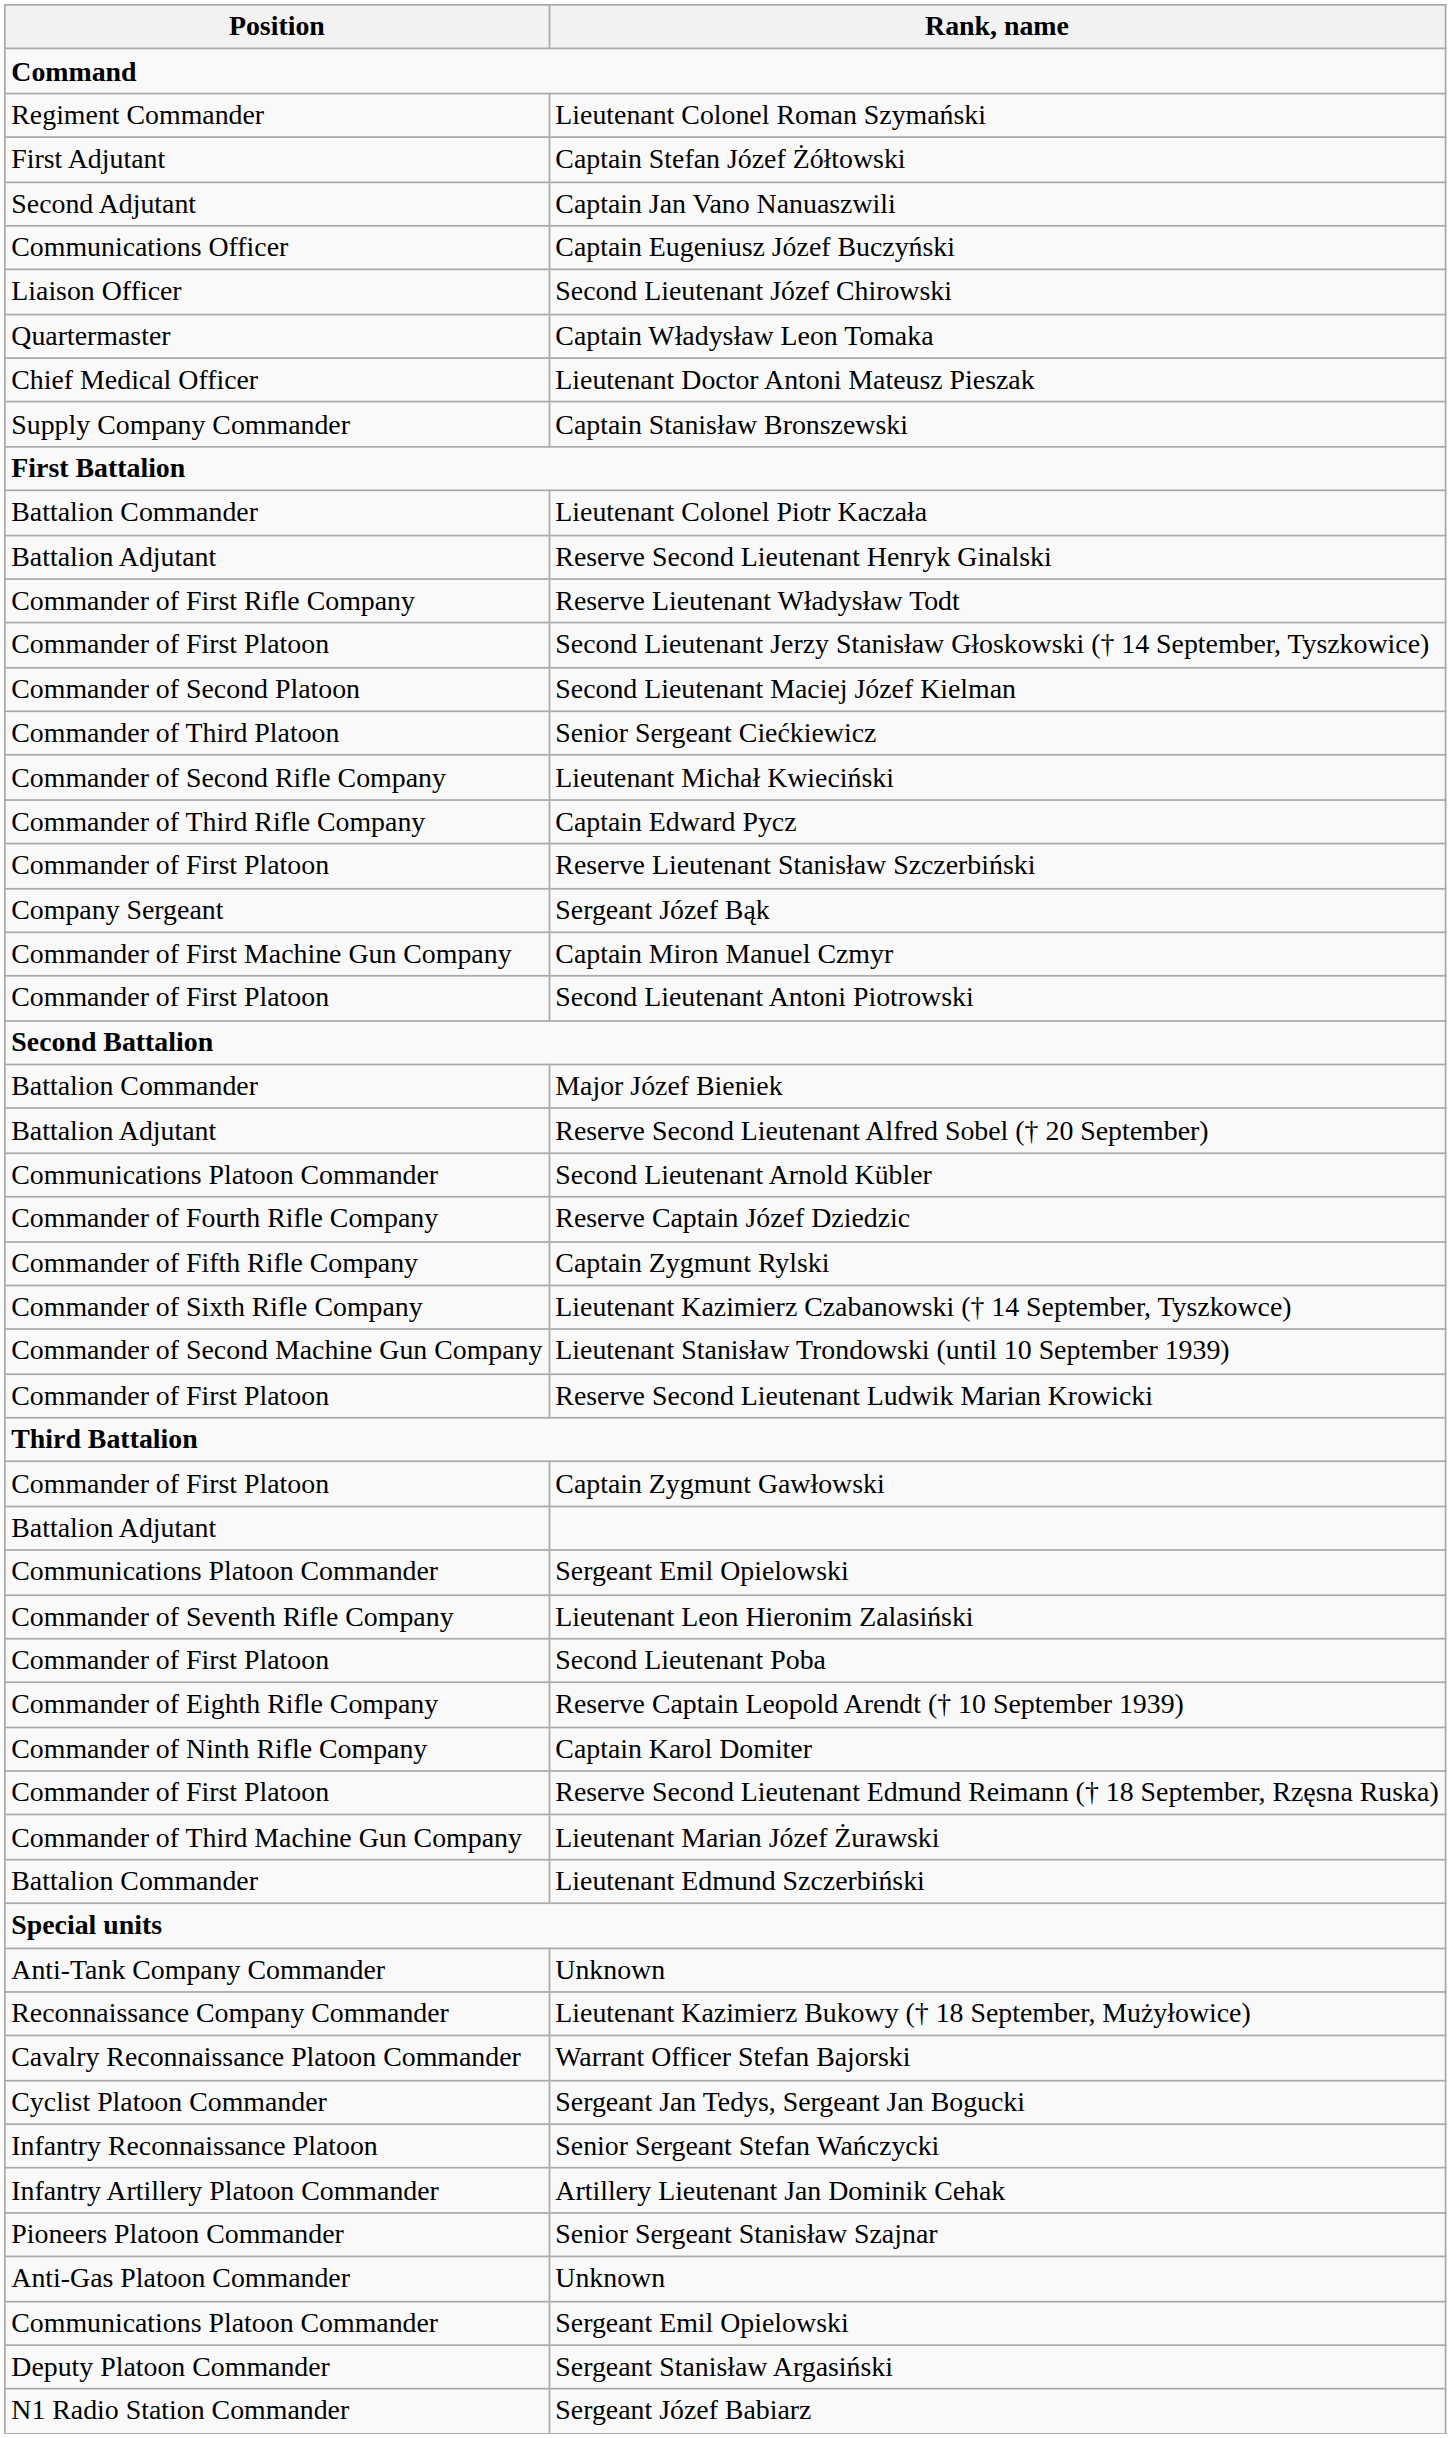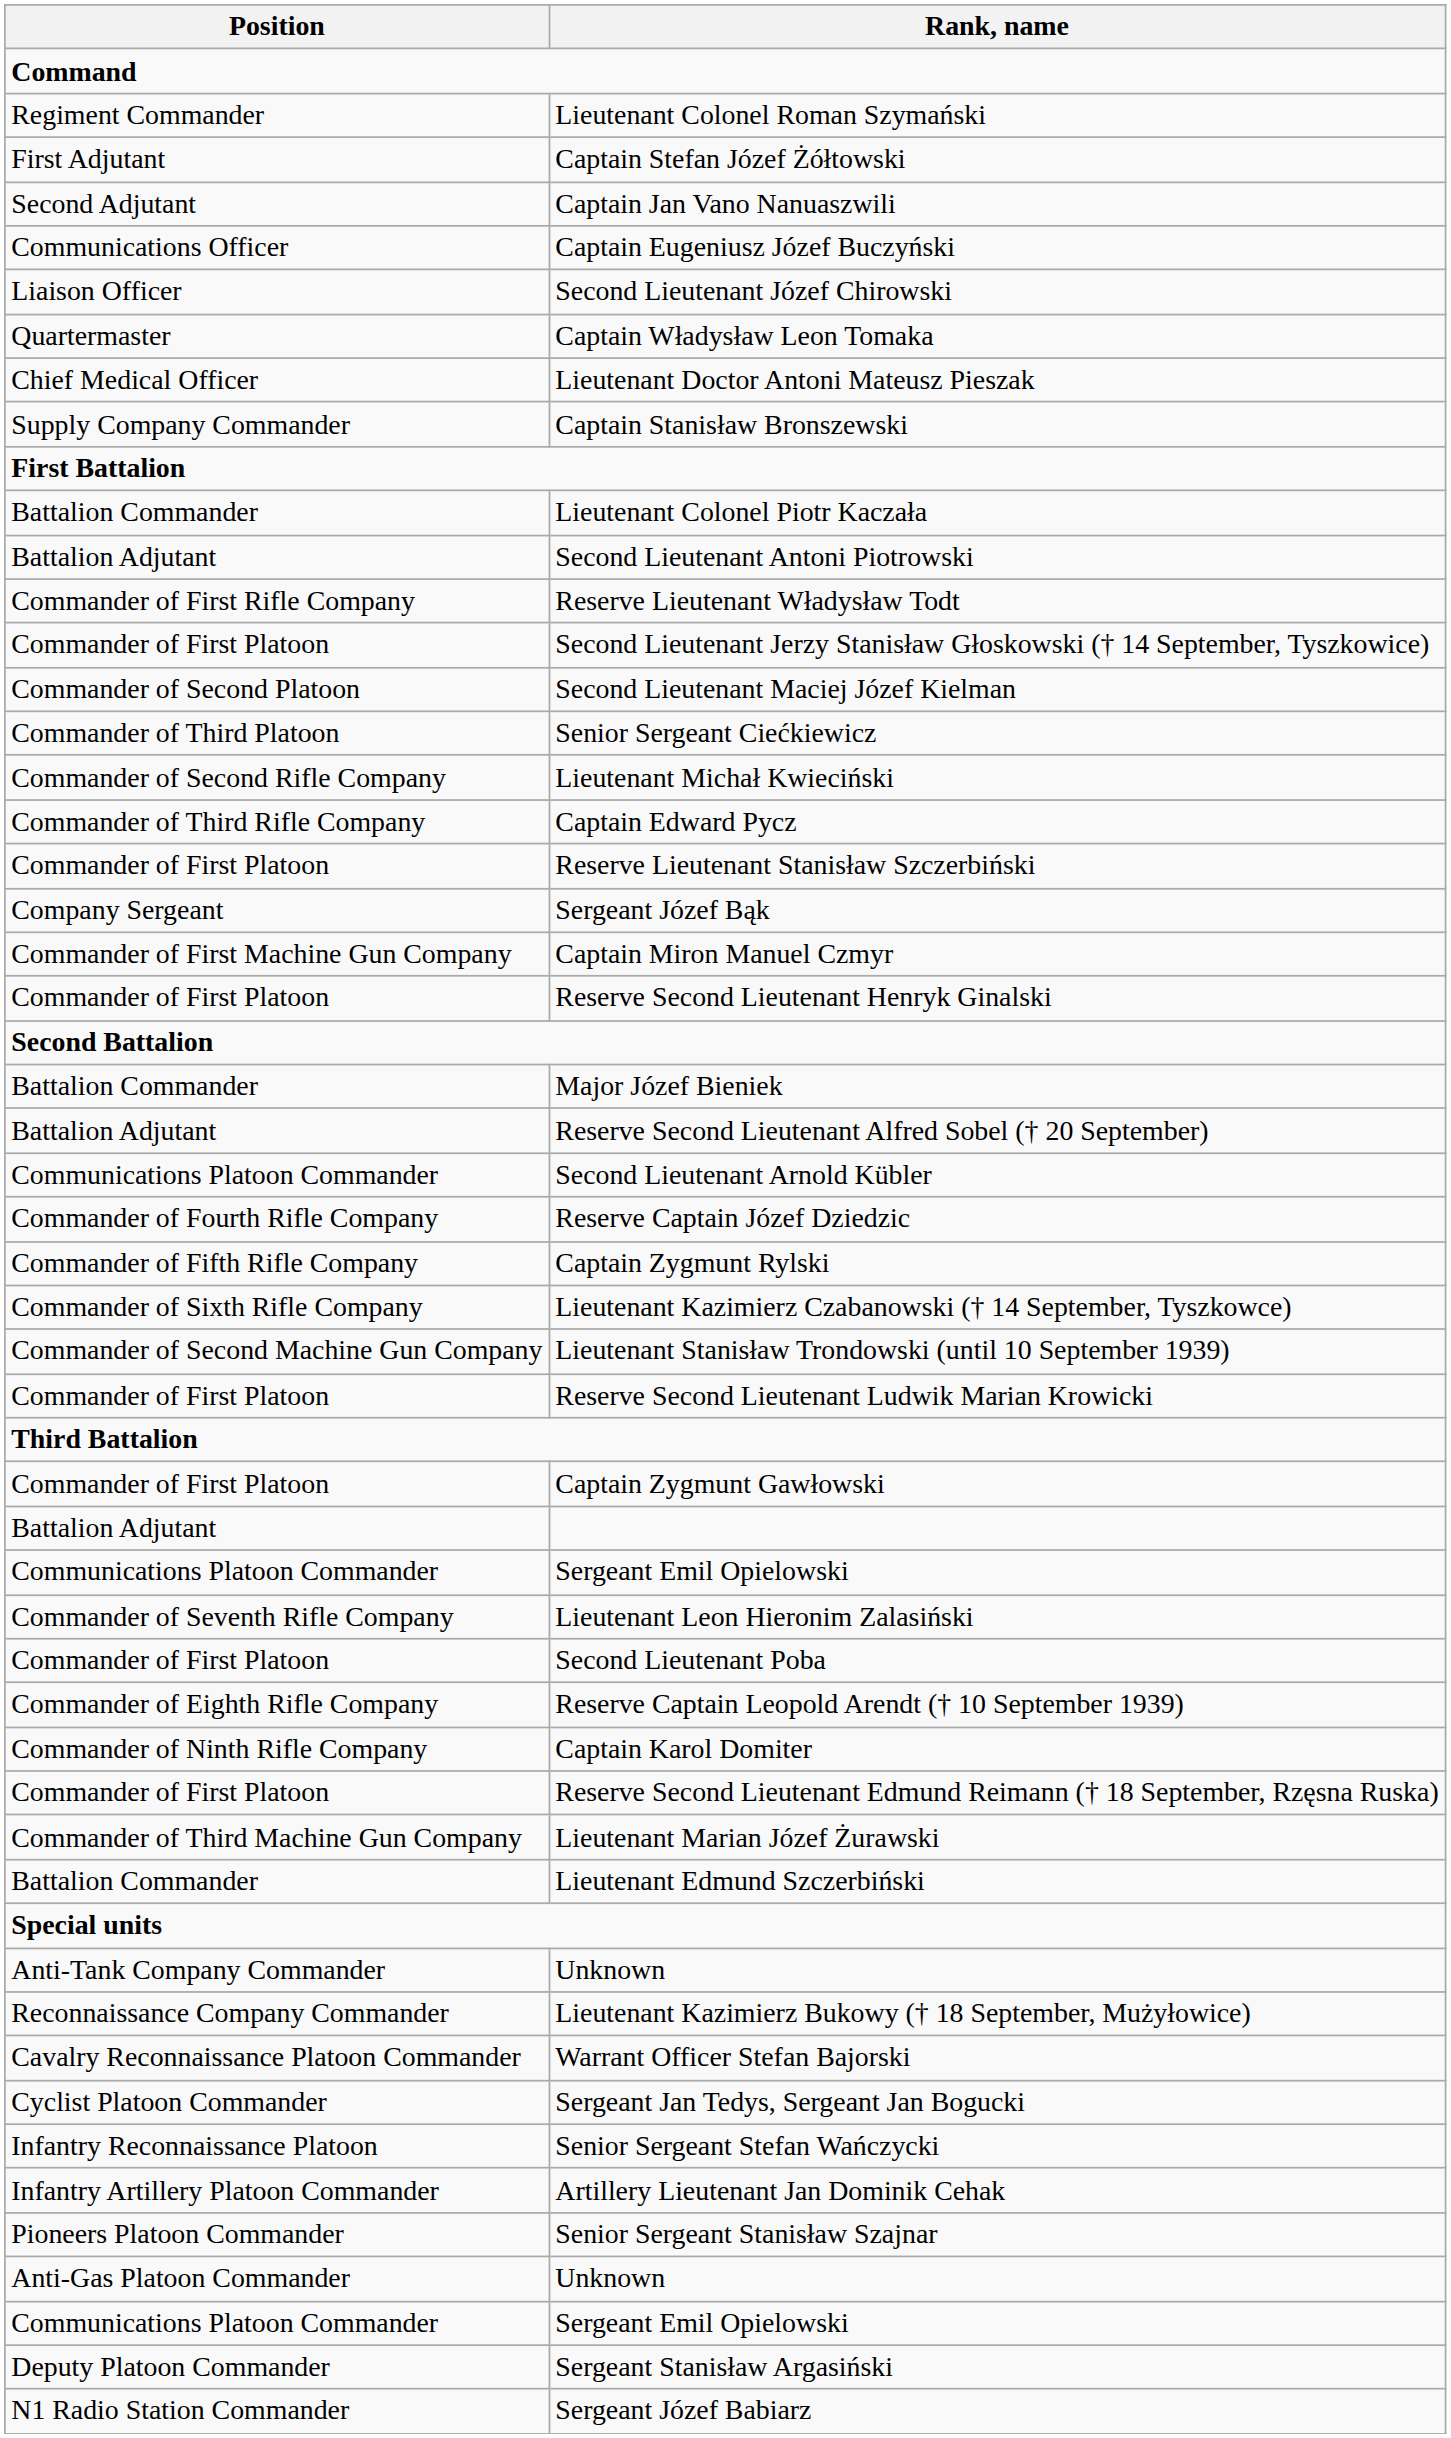 <table class="wikitable">
 <tr>
 <th><strong>Position</strong></th>
 <th><strong>Rank,</strong> <strong>name</strong></th>
 </tr>
 <tr>
 <td colspan="2"><strong>Command</strong></td>
 </tr>
 <tr>
 <td>Regiment Commander</td>
 <td>Lieutenant Colonel Roman Szymański</td>
 </tr>
 <tr>
 <td>First Adjutant</td>
 <td>Captain Stefan Józef Żółtowski</td>
 </tr>
 <tr>
 <td>Second Adjutant</td>
 <td>Captain Jan Vano Nanuaszwili</td>
 </tr>
 <tr>
 <td>Communications Officer</td>
 <td>Captain Eugeniusz Józef Buczyński</td>
 </tr>
 <tr>
 <td>Liaison Officer</td>
 <td>Second Lieutenant Józef Chirowski</td>
 </tr>
 <tr>
 <td>Quartermaster</td>
 <td>Captain Władysław Leon Tomaka</td>
 </tr>
 <tr>
 <td>Chief Medical Officer</td>
 <td>Lieutenant Doctor Antoni Mateusz Pieszak</td>
 </tr>
 <tr>
 <td>Supply Company Commander</td>
 <td>Captain Stanisław Bronszewski</td>
 </tr>
 <tr>
 <td colspan="2"><strong>First Battalion</strong></td>
 </tr>
 <tr>
 <td>Battalion Commander</td>
 <td>Lieutenant Colonel Piotr Kaczała</td>
 </tr>
 <tr>
 <td>Battalion Adjutant</td>
-<td>Reserve Second Lieutenant Henryk Ginalski</td>
+<td>Second Lieutenant Antoni Piotrowski</td>
 </tr>
 <tr>
 <td>Commander of First Rifle Company</td>
 <td>Reserve Lieutenant Władysław Todt</td>
 </tr>
 <tr>
 <td>Commander of First Platoon</td>
 <td>Second Lieutenant Jerzy Stanisław Głoskowski († 14 September, Tyszkowice)</td>
 </tr>
 <tr>
 <td>Commander of Second Platoon</td>
 <td>Second Lieutenant Maciej Józef Kielman</td>
 </tr>
 <tr>
 <td>Commander of Third Platoon</td>
 <td>Senior Sergeant Ciećkiewicz</td>
 </tr>
 <tr>
 <td>Commander of Second Rifle Company</td>
 <td>Lieutenant Michał Kwieciński</td>
 </tr>
 <tr>
 <td>Commander of Third Rifle Company</td>
 <td>Captain Edward Pycz</td>
 </tr>
 <tr>
 <td>Commander of First Platoon</td>
 <td>Reserve Lieutenant Stanisław Szczerbiński</td>
 </tr>
 <tr>
 <td>Company Sergeant</td>
 <td>Sergeant Józef Bąk</td>
 </tr>
 <tr>
 <td>Commander of First Machine Gun Company</td>
 <td>Captain Miron Manuel Czmyr</td>
 </tr>
 <tr>
 <td>Commander of First Platoon</td>
-<td>Second Lieutenant Antoni Piotrowski</td>
+<td>Reserve Second Lieutenant Henryk Ginalski</td>
 </tr>
 <tr>
 <td colspan="2"><strong>Second Battalion</strong></td>
 </tr>
 <tr>
 <td>Battalion Commander</td>
 <td>Major Józef Bieniek</td>
 </tr>
 <tr>
 <td>Battalion Adjutant</td>
 <td>Reserve Second Lieutenant Alfred Sobel († 20 September)</td>
 </tr>
 <tr>
 <td>Communications Platoon Commander</td>
 <td>Second Lieutenant Arnold Kübler</td>
 </tr>
 <tr>
 <td>Commander of Fourth Rifle Company</td>
 <td>Reserve Captain Józef Dziedzic</td>
 </tr>
 <tr>
 <td>Commander of Fifth Rifle Company</td>
 <td>Captain Zygmunt Rylski</td>
 </tr>
 <tr>
 <td>Commander of Sixth Rifle Company</td>
 <td>Lieutenant Kazimierz Czabanowski († 14 September, Tyszkowce)</td>
 </tr>
 <tr>
 <td>Commander of Second Machine Gun Company</td>
 <td>Lieutenant Stanisław Trondowski (until 10 September 1939)</td>
 </tr>
 <tr>
 <td>Commander of First Platoon</td>
 <td>Reserve Second Lieutenant Ludwik Marian Krowicki</td>
 </tr>
 <tr>
 <td colspan="2"><strong>Third Battalion</strong></td>
 </tr>
 <tr>
 <td>Commander of First Platoon</td>
 <td>Captain Zygmunt Gawłowski</td>
 </tr>
 <tr>
 <td>Battalion Adjutant</td>
 <td></td>
 </tr>
 <tr>
 <td>Communications Platoon Commander</td>
 <td>Sergeant Emil Opielowski</td>
 </tr>
 <tr>
 <td>Commander of Seventh Rifle Company</td>
 <td>Lieutenant Leon Hieronim Zalasiński</td>
 </tr>
 <tr>
 <td>Commander of First Platoon</td>
 <td>Second Lieutenant Poba</td>
 </tr>
 <tr>
 <td>Commander of Eighth Rifle Company</td>
 <td>Reserve Captain Leopold Arendt († 10 September 1939)</td>
 </tr>
 <tr>
 <td>Commander of Ninth Rifle Company</td>
 <td>Captain Karol Domiter</td>
 </tr>
 <tr>
 <td>Commander of First Platoon</td>
 <td>Reserve Second Lieutenant Edmund Reimann († 18 September, Rzęsna Ruska)</td>
 </tr>
 <tr>
 <td>Commander of Third Machine Gun Company</td>
 <td>Lieutenant Marian Józef Żurawski</td>
 </tr>
 <tr>
 <td>Battalion Commander</td>
 <td>Lieutenant Edmund Szczerbiński</td>
 </tr>
 <tr>
 <td colspan="2"><strong>Special</strong> <strong>units</strong></td>
 </tr>
 <tr>
 <td>Anti-Tank Company Commander</td>
 <td>Unknown</td>
 </tr>
 <tr>
 <td>Reconnaissance Company Commander</td>
 <td>Lieutenant Kazimierz Bukowy († 18 September, Mużyłowice)</td>
 </tr>
 <tr>
 <td>Cavalry Reconnaissance Platoon Commander</td>
 <td>Warrant Officer Stefan Bajorski</td>
 </tr>
 <tr>
 <td>Cyclist Platoon Commander</td>
 <td>Sergeant Jan Tedys, Sergeant Jan Bogucki</td>
 </tr>
 <tr>
 <td>Infantry Reconnaissance Platoon</td>
 <td>Senior Sergeant Stefan Wańczycki</td>
 </tr>
 <tr>
 <td>Infantry Artillery Platoon Commander</td>
 <td>Artillery Lieutenant Jan Dominik Cehak</td>
 </tr>
 <tr>
 <td>Pioneers Platoon Commander</td>
 <td>Senior Sergeant Stanisław Szajnar</td>
 </tr>
 <tr>
 <td>Anti-Gas Platoon Commander</td>
 <td>Unknown</td>
 </tr>
 <tr>
 <td>Communications Platoon Commander</td>
 <td>Sergeant Emil Opielowski</td>
 </tr>
 <tr>
 <td>Deputy Platoon Commander</td>
 <td>Sergeant Stanisław Argasiński</td>
 </tr>
 <tr>
 <td>N1 Radio Station Commander</td>
 <td>Sergeant Józef Babiarz</td>
 </tr>
 </table>
